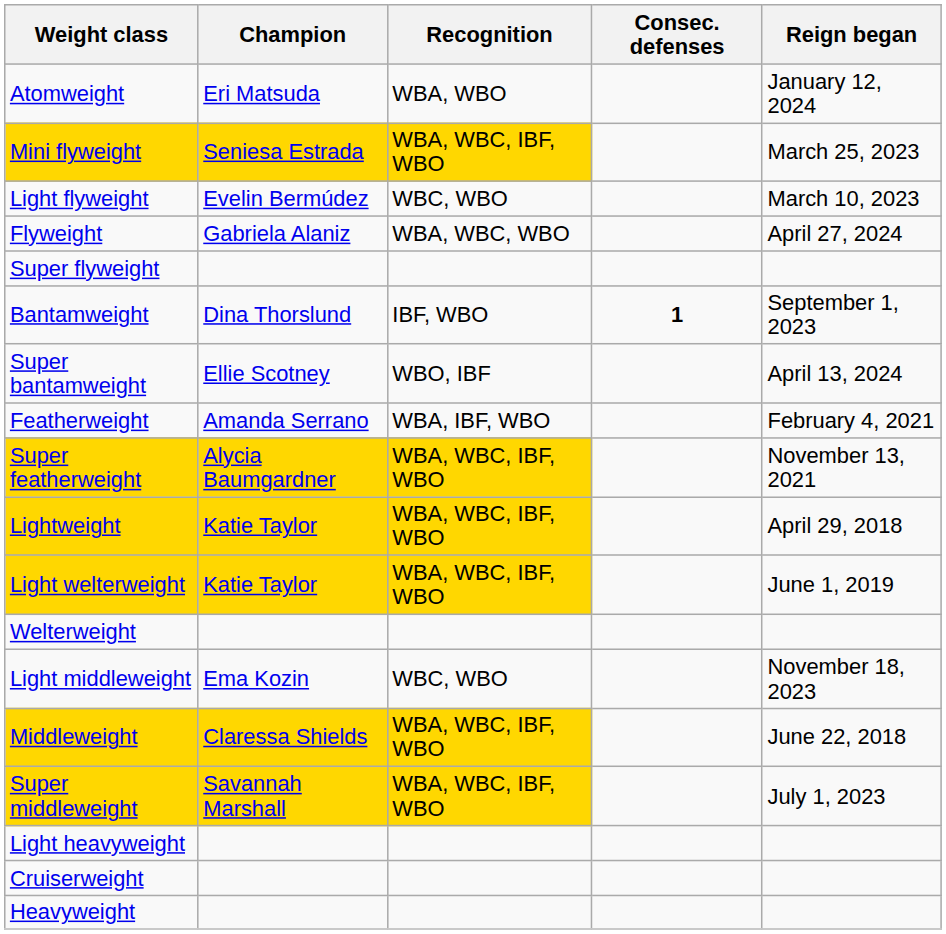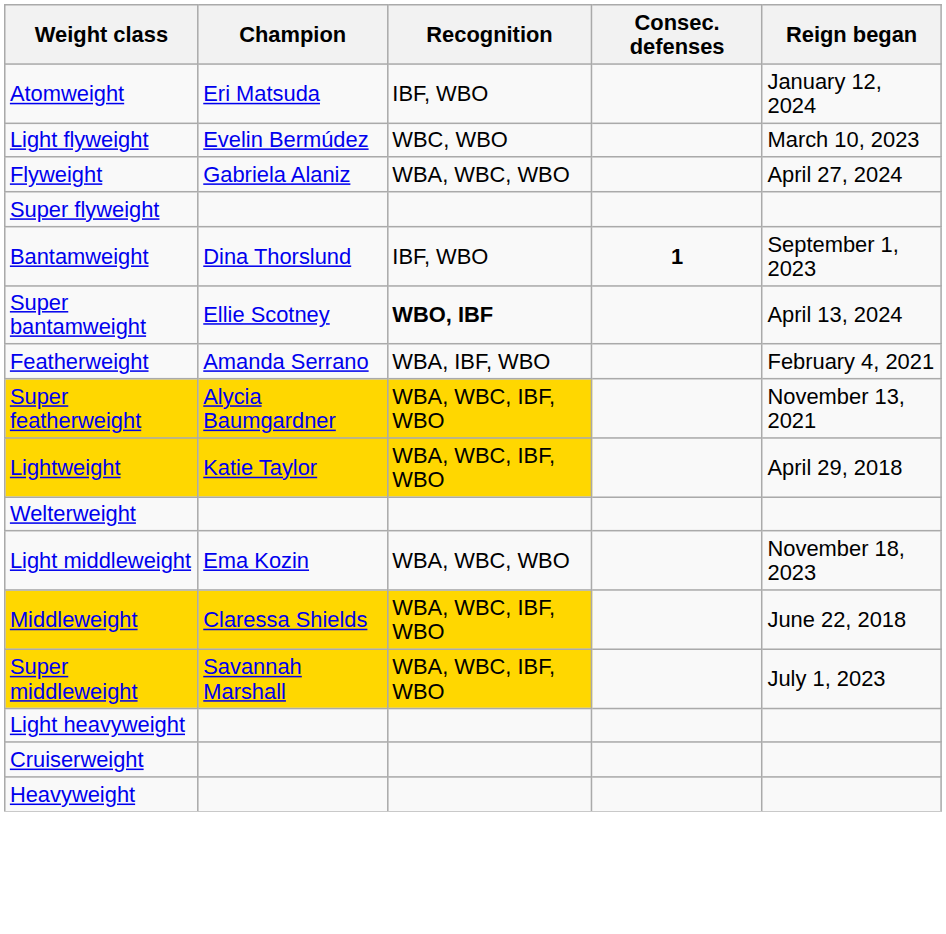 <table class="wikitable sortable" style="font-size:90%;  margin:0 .5em .5em 0; margin-top:.5em; margin-bottom:.5em; border:1px solid #CCC; border-collapse:collapse; text-align:left;">
 <tr>
 <th>Weight class</th>
 <th>Champion</th>
 <th>Recognition</th>
 <th>Consec. defenses</th>
 <th>Reign began</th>
 </tr>
 <tr>
 <td><a href='#'>Atomweight</a></td>
 <td><a href='#'>Eri Matsuda</a></td>
-<td>WBA, WBO</td>
+<td>IBF, WBO</td>
 <td></td>
 <td>January 12, 2024</td>
-</tr>
-<tr>
-<td bgcolor="gold"><a href='#'>Mini flyweight</a></td>
-<td bgcolor="gold"><a href='#'>Seniesa Estrada</a></td>
-<td bgcolor="gold">WBA, WBC, IBF, WBO</td>
-<td></td>
-<td>March 25, 2023</td>
 </tr>
 <tr>
 <td><a href='#'>Light flyweight</a></td>
 <td><a href='#'>Evelin Bermúdez</a></td>
 <td>WBC, WBO</td>
 <td></td>
 <td>March 10, 2023</td>
 </tr>
 <tr>
 <td><a href='#'>Flyweight</a></td>
 <td><a href='#'>Gabriela Alaniz</a></td>
 <td>WBA, WBC, WBO</td>
 <td></td>
 <td>April 27, 2024</td>
 </tr>
 <tr>
 <td><a href='#'>Super flyweight</a></td>
 <td></td>
 <td></td>
 <td></td>
 <td></td>
 </tr>
 <tr>
 <td><a href='#'>Bantamweight</a></td>
 <td><a href='#'>Dina Thorslund</a></td>
 <td>IBF, WBO</td>
 <td align="center"><strong>1</strong></td>
 <td>September 1, 2023</td>
 </tr>
 <tr>
 <td><a href='#'>Super bantamweight</a></td>
 <td><a href='#'>Ellie Scotney</a></td>
-<td>WBO, IBF</td>
+<td><strong>WBO, IBF</strong></td>
 <td></td>
 <td>April 13, 2024</td>
 </tr>
 <tr>
 <td><a href='#'>Featherweight</a></td>
 <td><a href='#'>Amanda Serrano</a></td>
 <td>WBA, IBF, WBO</td>
 <td></td>
 <td>February 4, 2021</td>
 </tr>
 <tr>
 <td bgcolor="gold"><a href='#'>Super featherweight</a></td>
 <td bgcolor="gold"><a href='#'>Alycia Baumgardner</a></td>
 <td bgcolor="gold">WBA, WBC, IBF, WBO</td>
 <td></td>
 <td>November 13, 2021</td>
 </tr>
 <tr>
 <td bgcolor="gold"><a href='#'>Lightweight</a></td>
 <td bgcolor="gold"><a href='#'>Katie Taylor</a></td>
 <td bgcolor="gold">WBA, WBC, IBF, WBO</td>
 <td></td>
 <td>April 29, 2018</td>
 </tr>
 <tr>
-<td bgcolor="gold"><a href='#'>Light welterweight</a></td>
-<td bgcolor="gold"><a href='#'>Katie Taylor</a></td>
-<td bgcolor="gold">WBA, WBC, IBF, WBO</td>
-<td></td>
-<td>June 1, 2019</td>
-</tr>
-<tr>
 <td><a href='#'>Welterweight</a></td>
 <td></td>
 <td></td>
 <td></td>
 <td></td>
 </tr>
 <tr>
 <td><a href='#'>Light middleweight</a></td>
 <td><a href='#'>Ema Kozin</a></td>
-<td>WBC, WBO</td>
+<td>WBA, WBC, WBO</td>
 <td></td>
 <td>November 18, 2023</td>
 </tr>
 <tr>
 <td bgcolor="gold"><a href='#'>Middleweight</a></td>
 <td bgcolor="gold"><a href='#'>Claressa Shields</a></td>
 <td bgcolor="gold">WBA, WBC, IBF, WBO</td>
 <td></td>
 <td>June 22, 2018</td>
 </tr>
 <tr>
 <td bgcolor="gold"><a href='#'>Super middleweight</a></td>
 <td bgcolor="gold"><a href='#'>Savannah Marshall</a></td>
 <td bgcolor="gold">WBA, WBC, IBF, WBO</td>
 <td></td>
 <td>July 1, 2023</td>
 </tr>
 <tr>
 <td><a href='#'>Light heavyweight</a></td>
 <td></td>
 <td></td>
 <td></td>
 <td></td>
 </tr>
 <tr>
 <td><a href='#'>Cruiserweight</a></td>
 <td></td>
 <td></td>
 <td></td>
 <td></td>
 </tr>
 <tr>
 <td><a href='#'>Heavyweight</a></td>
 <td></td>
 <td></td>
 <td></td>
 <td></td>
 </tr>
 <tr>
 </tr>
 </table>
